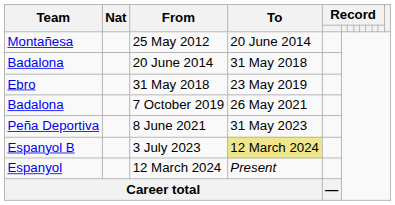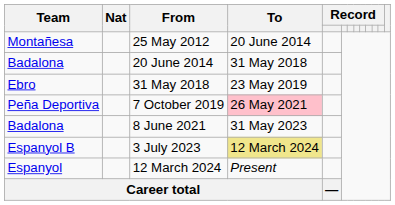 <table class="wikitable" style="text-align: center">
 <tr>
 <th rowspan="2">Team</th>
 <th rowspan="2">Nat</th>
 <th rowspan="2">From</th>
 <th rowspan="2">To</th>
 <th colspan="8">Record</th>
 <th rowspan=2></th>
 </tr>
 <tr>
 <th></th>
 <th></th>
 <th></th>
 <th></th>
 <th></th>
 <th></th>
 <th></th>
 <th></th>
 </tr>
 <tr>
 <td align="left"><a href='#'>Montañesa</a></td>
 <td></td>
 <td align=left>25 May 2012</td>
 <td align=left>20 June 2014<br></td>
 <td></td>
 </tr>
 <tr>
 <td align="left"><a href='#'>Badalona</a></td>
 <td></td>
 <td align=left>20 June 2014</td>
 <td align=left>31 May 2018<br></td>
 <td></td>
 </tr>
 <tr>
 <td align="left"><a href='#'>Ebro</a></td>
 <td></td>
 <td align=left>31 May 2018</td>
 <td align=left>23 May 2019<br></td>
 <td></td>
 </tr>
 <tr>
-<td align="left"><a href='#'>Badalona</a></td>
+<td align="left"><a href='#'>Peña Deportiva</a></td>
 <td></td>
 <td align=left>7 October 2019</td>
-<td align=left>26 May 2021<br></td>
+<td align=left style="background: pink;">26 May 2021<br></td>
 <td></td>
 </tr>
 <tr>
-<td align="left"><a href='#'>Peña Deportiva</a></td>
+<td align="left"><a href='#'>Badalona</a></td>
 <td></td>
 <td align=left>8 June 2021</td>
 <td align=left>31 May 2023<br></td>
 <td></td>
 </tr>
 <tr>
 <td align="left"><a href='#'>Espanyol B</a></td>
 <td></td>
 <td align=left>3 July 2023</td>
 <td align=left style="background: khaki;">12 March 2024<br></td>
 <td></td>
 </tr>
 <tr>
 <td align="left"><a href='#'>Espanyol</a></td>
 <td></td>
 <td align=left>12 March 2024</td>
 <td align=left><em>Present</em><br></td>
 <td></td>
 </tr>
 <tr>
 <th colspan=4>Career total<br></th>
 <th>—</th>
 </tr>
 </table>
